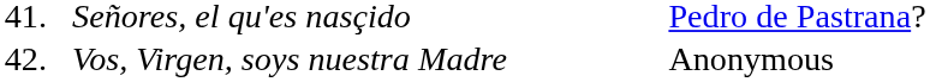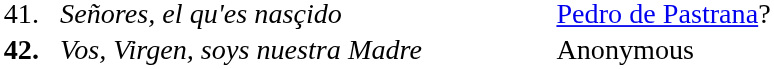 <table cellpadding="1" cellspacing="0">
 <tr>
 <td width=30 align=left>41.</td>
 <td width=280 align=left><em>Señores, el qu'es nasçido</em></td>
 <td width=300 align=left><a href='#'>Pedro de Pastrana</a>?</td>
 </tr>
 <tr>
-<td>42.</td>
+<td><strong>42.</strong></td>
 <td><em>Vos, Virgen, soys nuestra Madre</em></td>
 <td>Anonymous</td>
 </tr>
 <tr>
 </tr>
 </table>
